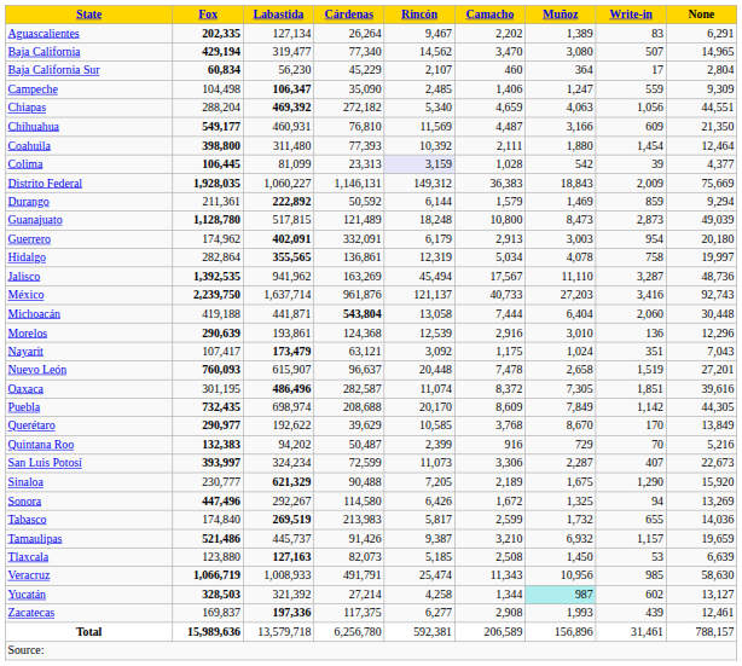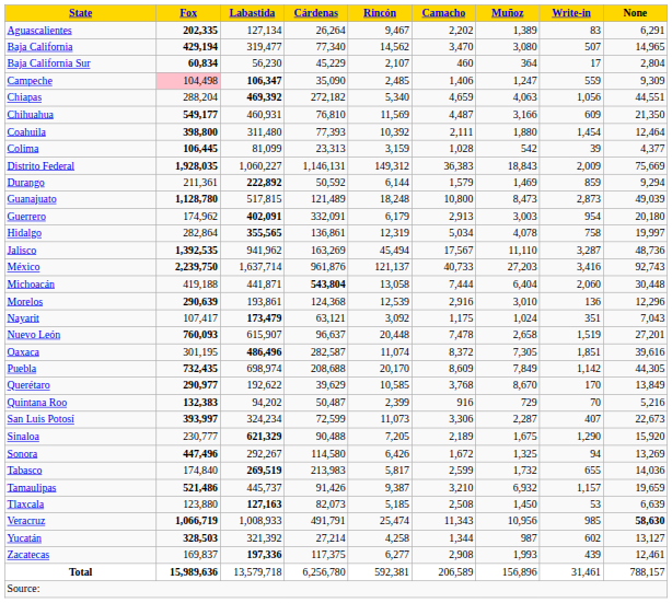 <table class=wikitable>
 <tr>
 <th style="background: gold" width=19%><a href='#'>State</a></th>
 <th style="background: gold" width=8%><a href='#'>Fox</a></th>
 <th style="background: gold" width=8%><a href='#'>Labastida</a></th>
 <th style="background: gold" width=8%><a href='#'>Cárdenas</a></th>
 <th style="background: gold" width=8%><a href='#'>Rincón</a></th>
 <th style="background: gold" width=8%><a href='#'>Camacho</a></th>
 <th style="background: gold" width=8%><a href='#'>Muñoz</a></th>
 <th style="background: gold" width=8%><a href='#'>Write-in</a></th>
 <th style="background: gold" width=8%>None</th>
 </tr>
 <tr>
 <td><a href='#'>Aguascalientes</a></td>
 <td align=right><strong>202,335</strong></td>
 <td align=right>127,134</td>
 <td align=right>26,264</td>
 <td align=right>9,467</td>
 <td align=right>2,202</td>
 <td align=right>1,389</td>
 <td align=right>83</td>
 <td align=right>6,291</td>
 </tr>
 <tr>
 <td><a href='#'>Baja California</a></td>
 <td align=right><strong>429,194</strong></td>
 <td align=right>319,477</td>
 <td align=right>77,340</td>
 <td align=right>14,562</td>
 <td align=right>3,470</td>
 <td align=right>3,080</td>
 <td align=right>507</td>
 <td align=right>14,965</td>
 </tr>
 <tr>
 <td><a href='#'>Baja California Sur</a></td>
 <td align=right><strong>60,834</strong></td>
 <td align=right>56,230</td>
 <td align=right>45,229</td>
 <td align=right>2,107</td>
 <td align=right>460</td>
 <td align=right>364</td>
 <td align=right>17</td>
 <td align=right>2,804</td>
 </tr>
 <tr>
 <td><a href='#'>Campeche</a></td>
-<td align=right>104,498</td>
+<td align=right style="background: pink;">104,498</td>
 <td align=right><strong>106,347</strong></td>
 <td align=right>35,090</td>
 <td align=right>2,485</td>
 <td align=right>1,406</td>
 <td align=right>1,247</td>
 <td align=right>559</td>
 <td align=right>9,309</td>
 </tr>
 <tr>
 <td><a href='#'>Chiapas</a></td>
 <td align=right>288,204</td>
 <td align=right><strong>469,392</strong></td>
 <td align=right>272,182</td>
 <td align=right>5,340</td>
 <td align=right>4,659</td>
 <td align=right>4,063</td>
 <td align=right>1,056</td>
 <td align=right>44,551</td>
 </tr>
 <tr>
 <td><a href='#'>Chihuahua</a></td>
 <td align=right><strong>549,177</strong></td>
 <td align=right>460,931</td>
 <td align=right>76,810</td>
 <td align=right>11,569</td>
 <td align=right>4,487</td>
 <td align=right>3,166</td>
 <td align=right>609</td>
 <td align=right>21,350</td>
 </tr>
 <tr>
 <td><a href='#'>Coahuila</a></td>
 <td align=right><strong>398,800</strong></td>
 <td align=right>311,480</td>
 <td align=right>77,393</td>
 <td align=right>10,392</td>
 <td align=right>2,111</td>
 <td align=right>1,880</td>
 <td align=right>1,454</td>
 <td align=right>12,464</td>
 </tr>
 <tr>
 <td><a href='#'>Colima</a></td>
 <td align=right><strong>106,445</strong></td>
 <td align=right>81,099</td>
 <td align=right>23,313</td>
-<td align=right style="background: lavender;">3,159</td>
+<td align=right>3,159</td>
 <td align=right>1,028</td>
 <td align=right>542</td>
 <td align=right>39</td>
 <td align=right>4,377</td>
 </tr>
 <tr>
 <td><a href='#'>Distrito Federal</a></td>
 <td align=right><strong>1,928,035</strong></td>
 <td align=right>1,060,227</td>
 <td align=right>1,146,131</td>
 <td align=right>149,312</td>
 <td align=right>36,383</td>
 <td align=right>18,843</td>
 <td align=right>2,009</td>
 <td align=right>75,669</td>
 </tr>
 <tr>
 <td><a href='#'>Durango</a></td>
 <td align=right>211,361</td>
 <td align=right><strong>222,892</strong></td>
 <td align=right>50,592</td>
 <td align=right>6,144</td>
 <td align=right>1,579</td>
 <td align=right>1,469</td>
 <td align=right>859</td>
 <td align=right>9,294</td>
 </tr>
 <tr>
 <td><a href='#'>Guanajuato</a></td>
 <td align=right><strong>1,128,780</strong></td>
 <td align=right>517,815</td>
 <td align=right>121,489</td>
 <td align=right>18,248</td>
 <td align=right>10,800</td>
 <td align=right>8,473</td>
 <td align=right>2,873</td>
 <td align=right>49,039</td>
 </tr>
 <tr>
 <td><a href='#'>Guerrero</a></td>
 <td align=right>174,962</td>
 <td align=right><strong>402,091</strong></td>
 <td align=right>332,091</td>
 <td align=right>6,179</td>
 <td align=right>2,913</td>
 <td align=right>3,003</td>
 <td align=right>954</td>
 <td align=right>20,180</td>
 </tr>
 <tr>
 <td><a href='#'>Hidalgo</a></td>
 <td align=right>282,864</td>
 <td align=right><strong>355,565</strong></td>
 <td align=right>136,861</td>
 <td align=right>12,319</td>
 <td align=right>5,034</td>
 <td align=right>4,078</td>
 <td align=right>758</td>
 <td align=right>19,997</td>
 </tr>
 <tr>
 <td><a href='#'>Jalisco</a></td>
 <td align=right><strong>1,392,535</strong></td>
 <td align=right>941,962</td>
 <td align=right>163,269</td>
 <td align=right>45,494</td>
 <td align=right>17,567</td>
 <td align=right>11,110</td>
 <td align=right>3,287</td>
 <td align=right>48,736</td>
 </tr>
 <tr>
 <td><a href='#'>México</a></td>
 <td align=right><strong>2,239,750</strong></td>
 <td align=right>1,637,714</td>
 <td align=right>961,876</td>
 <td align=right>121,137</td>
 <td align=right>40,733</td>
 <td align=right>27,203</td>
 <td align=right>3,416</td>
 <td align=right>92,743</td>
 </tr>
 <tr>
 <td><a href='#'>Michoacán</a></td>
 <td align=right>419,188</td>
 <td align=right>441,871</td>
 <td align=right><strong>543,804</strong></td>
 <td align=right>13,058</td>
 <td align=right>7,444</td>
 <td align=right>6,404</td>
 <td align=right>2,060</td>
 <td align=right>30,448</td>
 </tr>
 <tr>
 <td><a href='#'>Morelos</a></td>
 <td align=right><strong>290,639</strong></td>
 <td align=right>193,861</td>
 <td align=right>124,368</td>
 <td align=right>12,539</td>
 <td align=right>2,916</td>
 <td align=right>3,010</td>
 <td align=right>136</td>
 <td align=right>12,296</td>
 </tr>
 <tr>
 <td><a href='#'>Nayarit</a></td>
 <td align=right>107,417</td>
 <td align=right><strong>173,479</strong></td>
 <td align=right>63,121</td>
 <td align=right>3,092</td>
 <td align=right>1,175</td>
 <td align=right>1,024</td>
 <td align=right>351</td>
 <td align=right>7,043</td>
 </tr>
 <tr>
 <td><a href='#'>Nuevo León</a></td>
 <td align=right><strong>760,093</strong></td>
 <td align=right>615,907</td>
 <td align=right>96,637</td>
 <td align=right>20,448</td>
 <td align=right>7,478</td>
 <td align=right>2,658</td>
 <td align=right>1,519</td>
 <td align=right>27,201</td>
 </tr>
 <tr>
 <td><a href='#'>Oaxaca</a></td>
 <td align=right>301,195</td>
 <td align=right><strong>486,496</strong></td>
 <td align=right>282,587</td>
 <td align=right>11,074</td>
 <td align=right>8,372</td>
 <td align=right>7,305</td>
 <td align=right>1,851</td>
 <td align=right>39,616</td>
 </tr>
 <tr>
 <td><a href='#'>Puebla</a></td>
 <td align=right><strong>732,435</strong></td>
 <td align=right>698,974</td>
 <td align=right>208,688</td>
 <td align=right>20,170</td>
 <td align=right>8,609</td>
 <td align=right>7,849</td>
 <td align=right>1,142</td>
 <td align=right>44,305</td>
 </tr>
 <tr>
 <td><a href='#'>Querétaro</a></td>
 <td align=right><strong>290,977</strong></td>
 <td align=right>192,622</td>
 <td align=right>39,629</td>
 <td align=right>10,585</td>
 <td align=right>3,768</td>
 <td align=right>8,670</td>
 <td align=right>170</td>
 <td align=right>13,849</td>
 </tr>
 <tr>
 <td><a href='#'>Quintana Roo</a></td>
 <td align=right><strong>132,383</strong></td>
 <td align=right>94,202</td>
 <td align=right>50,487</td>
 <td align=right>2,399</td>
 <td align=right>916</td>
 <td align=right>729</td>
 <td align=right>70</td>
 <td align=right>5,216</td>
 </tr>
 <tr>
 <td><a href='#'>San Luis Potosí</a></td>
 <td align=right><strong>393,997</strong></td>
 <td align=right>324,234</td>
 <td align=right>72,599</td>
 <td align=right>11,073</td>
 <td align=right>3,306</td>
 <td align=right>2,287</td>
 <td align=right>407</td>
 <td align=right>22,673</td>
 </tr>
 <tr>
 <td><a href='#'>Sinaloa</a></td>
 <td align=right>230,777</td>
 <td align=right><strong>621,329</strong></td>
 <td align=right>90,488</td>
 <td align=right>7,205</td>
 <td align=right>2,189</td>
 <td align=right>1,675</td>
 <td align=right>1,290</td>
 <td align=right>15,920</td>
 </tr>
 <tr>
 <td><a href='#'>Sonora</a></td>
 <td align=right><strong>447,496</strong></td>
 <td align=right>292,267</td>
 <td align=right>114,580</td>
 <td align=right>6,426</td>
 <td align=right>1,672</td>
 <td align=right>1,325</td>
 <td align=right>94</td>
 <td align=right>13,269</td>
 </tr>
 <tr>
 <td><a href='#'>Tabasco</a></td>
 <td align=right>174,840</td>
 <td align=right><strong>269,519</strong></td>
 <td align=right>213,983</td>
 <td align=right>5,817</td>
 <td align=right>2,599</td>
 <td align=right>1,732</td>
 <td align=right>655</td>
 <td align=right>14,036</td>
 </tr>
 <tr>
 <td><a href='#'>Tamaulipas</a></td>
 <td align=right><strong>521,486</strong></td>
 <td align=right>445,737</td>
 <td align=right>91,426</td>
 <td align=right>9,387</td>
 <td align=right>3,210</td>
 <td align=right>6,932</td>
 <td align=right>1,157</td>
 <td align=right>19,659</td>
 </tr>
 <tr>
 <td><a href='#'>Tlaxcala</a></td>
 <td align=right>123,880</td>
 <td align=right><strong>127,163</strong></td>
 <td align=right>82,073</td>
 <td align=right>5,185</td>
 <td align=right>2,508</td>
 <td align=right>1,450</td>
 <td align=right>53</td>
 <td align=right>6,639</td>
 </tr>
 <tr>
 <td><a href='#'>Veracruz</a></td>
 <td align=right><strong>1,066,719</strong></td>
 <td align=right>1,008,933</td>
 <td align=right>491,791</td>
 <td align=right>25,474</td>
 <td align=right>11,343</td>
 <td align=right>10,956</td>
 <td align=right>985</td>
-<td align=right>58,630</td>
+<td align=right><strong>58,630</strong></td>
 </tr>
 <tr>
 <td><a href='#'>Yucatán</a></td>
 <td align=right><strong>328,503</strong></td>
 <td align=right>321,392</td>
 <td align=right>27,214</td>
 <td align=right>4,258</td>
 <td align=right>1,344</td>
-<td align=right style="background: paleturquoise;">987</td>
+<td align=right>987</td>
 <td align=right>602</td>
 <td align=right>13,127</td>
 </tr>
 <tr>
 <td><a href='#'>Zacatecas</a></td>
 <td align=right>169,837</td>
 <td align=right><strong>197,336</strong></td>
 <td align=right>117,375</td>
 <td align=right>6,277</td>
 <td align=right>2,908</td>
 <td align=right>1,993</td>
 <td align=right>439</td>
 <td align=right>12,461</td>
 </tr>
 <tr>
 <td style="background: #FFFFFF" align="center"><strong>Total</strong></td>
 <td style="background: #FFFFFF" align="right"><strong>15,989,636</strong></td>
 <td style="background: #FFFFFF" align=right>13,579,718</td>
 <td style="background: #FFFFFF" align=right>6,256,780</td>
 <td style="background: #FFFFFF" align=right>592,381</td>
 <td style="background: #FFFFFF" align=right>206,589</td>
 <td style="background: #FFFFFF" align=right>156,896</td>
 <td style="background: #FFFFFF" align=right>31,461</td>
 <td style="background: #FFFFFF" align=right>788,157</td>
 </tr>
 <tr>
 <td align=left colspan=9>Source: </td>
 </tr>
 </table>
